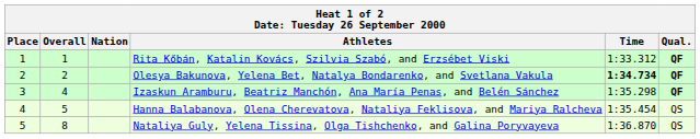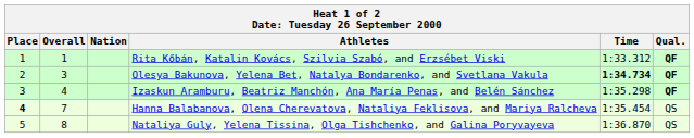 <table class="wikitable sortable">
 <tr>
 <th colspan=6>Heat 1 of 2 <br> Date: Tuesday 26 September 2000</th>
 </tr>
 <tr>
 <th rowspan=1>Place</th>
 <th rowspan=1>Overall</th>
 <th rowspan=1>Nation</th>
 <th rowspan=1>Athletes</th>
 <th rowspan=1>Time</th>
 <th rowspan=1>Qual.</th>
 </tr>
 <tr bgcolor="ccffcc">
 <td align="center">1</td>
 <td align="center">1</td>
 <td align="left"></td>
 <td align="left"><a href='#'>Rita Kőbán</a>, <a href='#'>Katalin Kovács</a>, <a href='#'>Szilvia Szabó</a>, and <a href='#'>Erzsébet Viski</a></td>
 <td align="center">1:33.312</td>
 <td align="center"><strong>QF</strong></td>
 </tr>
 <tr bgcolor="ccffcc">
 <td align="center">2</td>
-<td align="center">2</td>
+<td align="center">3</td>
 <td align="left"></td>
 <td align="left"><a href='#'>Olesya Bakunova</a>, <a href='#'>Yelena Bet</a>, <a href='#'>Natalya Bondarenko</a>, and <a href='#'>Svetlana Vakula</a></td>
 <td align="center"><strong>1:34.734</strong></td>
 <td align="center"><strong>QF</strong></td>
 </tr>
 <tr bgcolor="ccffcc">
 <td align="center">3</td>
 <td align="center">4</td>
 <td align="left"></td>
 <td align="left"><a href='#'>Izaskun Aramburu</a>, <a href='#'>Beatriz Manchón</a>, <a href='#'>Ana María Penas</a>, and <a href='#'>Belén Sánchez</a></td>
 <td align="center">1:35.298</td>
 <td align="center"><strong>QF</strong></td>
 </tr>
 <tr bgcolor="eeffdd">
-<td align="center">4</td>
-<td align="center">5</td>
+<td align="center"><strong>4</strong></td>
+<td align="center">7</td>
 <td align="left"></td>
 <td align="left"><a href='#'>Hanna Balabanova</a>, <a href='#'>Olena Cherevatova</a>, <a href='#'>Nataliya Feklisova</a>, and <a href='#'>Mariya Ralcheva</a></td>
 <td align="center">1:35.454</td>
 <td align="center">QS</td>
 </tr>
 <tr bgcolor="eeffdd">
 <td align="center">5</td>
 <td align="center">8</td>
 <td align="left"></td>
 <td align="left"><a href='#'>Nataliya Guly</a>, <a href='#'>Yelena Tissina</a>, <a href='#'>Olga Tishchenko</a>, and <a href='#'>Galina Poryvayeva</a></td>
 <td align="center">1:36.870</td>
 <td align="center">QS</td>
 </tr>
 </table>
